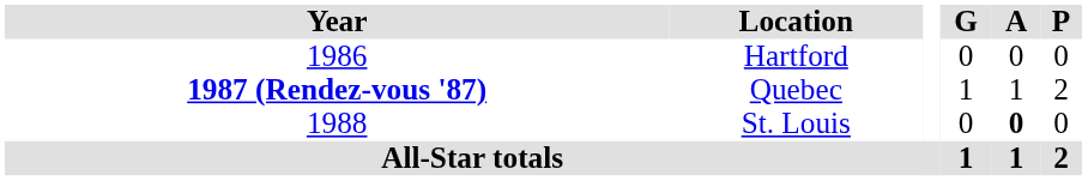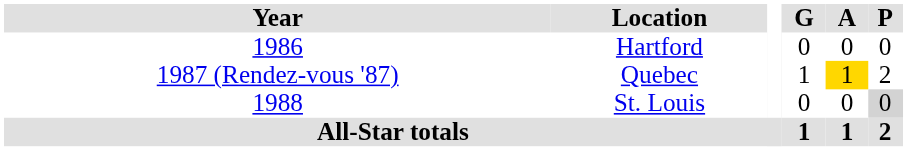 <table BORDER="0" CELLPADDING="0" CELLSPACING="0" width="45%">
 <tr ALIGN="center" bgcolor="#e0e0e0">
 <th>Year</th>
 <th>Location</th>
 <th ALIGN="center" rowspan="99" bgcolor="#ffffff"> </th>
 <th>G</th>
 <th>A</th>
 <th>P</th>
 </tr>
 <tr ALIGN="center">
 <td><a href='#'>1986</a></td>
 <td><a href='#'>Hartford</a></td>
 <td>0</td>
 <td>0</td>
 <td>0</td>
 </tr>
 <tr ALIGN="center">
-<td><strong><a href='#'>1987 (Rendez-vous '87)</a></strong></td>
+<td><a href='#'>1987 (Rendez-vous '87)</a></td>
 <td><a href='#'>Quebec</a></td>
 <td>1</td>
-<td>1</td>
+<td style="background: gold;">1</td>
 <td>2</td>
 </tr>
 <tr ALIGN="center">
 <td><a href='#'>1988</a></td>
 <td><a href='#'>St. Louis</a></td>
 <td>0</td>
-<td><strong>0</strong></td>
 <td>0</td>
+<td style="background: lightgrey;">0</td>
 </tr>
 <tr style="text-align:center; background:#e0e0e0;">
 <th colspan=3>All-Star totals</th>
 <th>1</th>
 <th>1</th>
 <th>2</th>
 </tr>
 </table>
